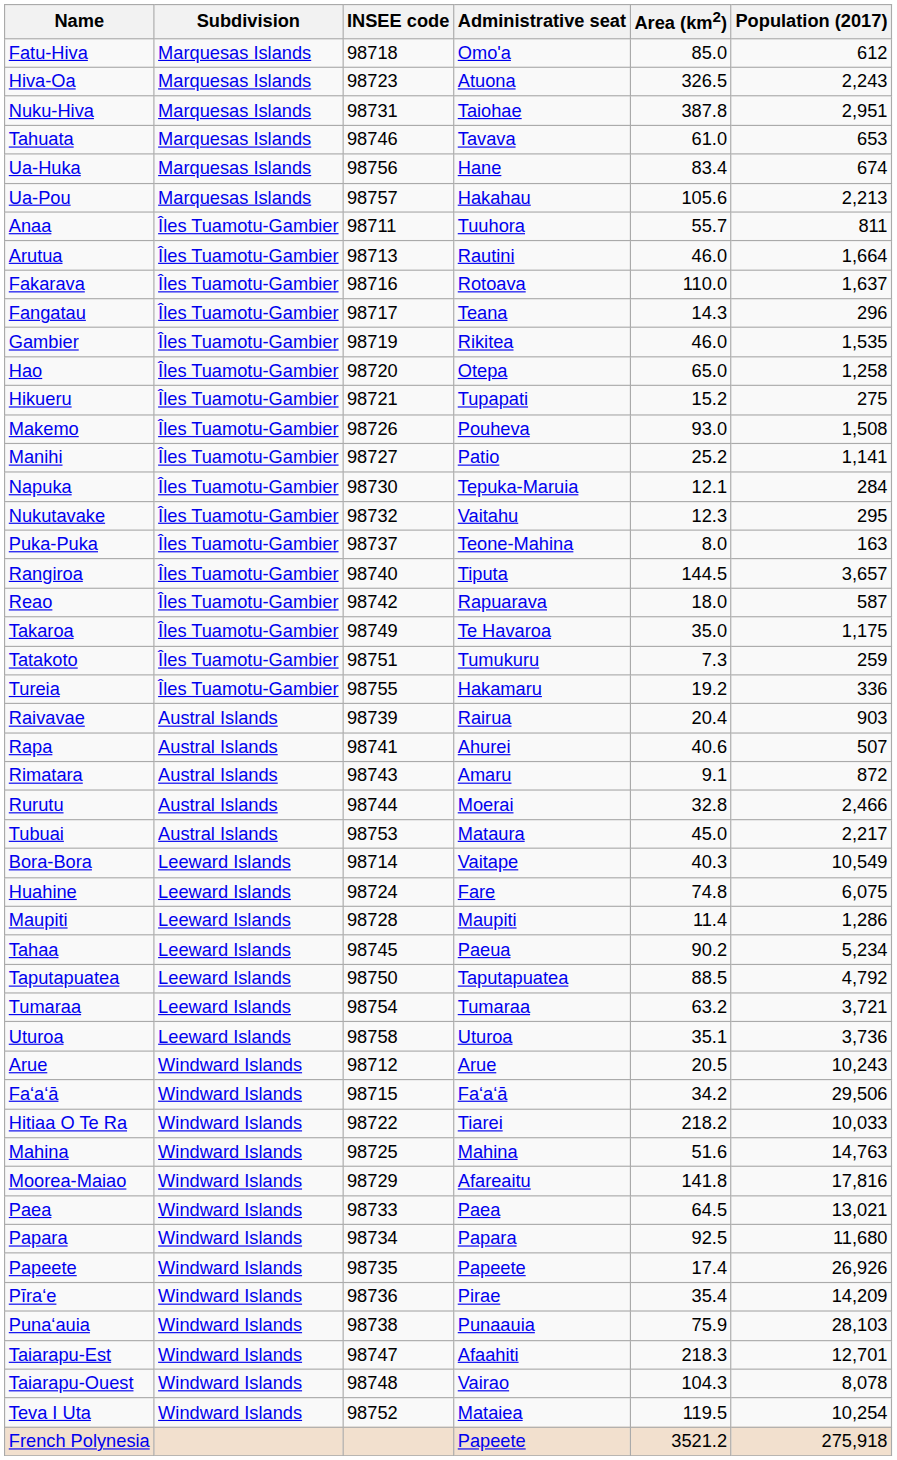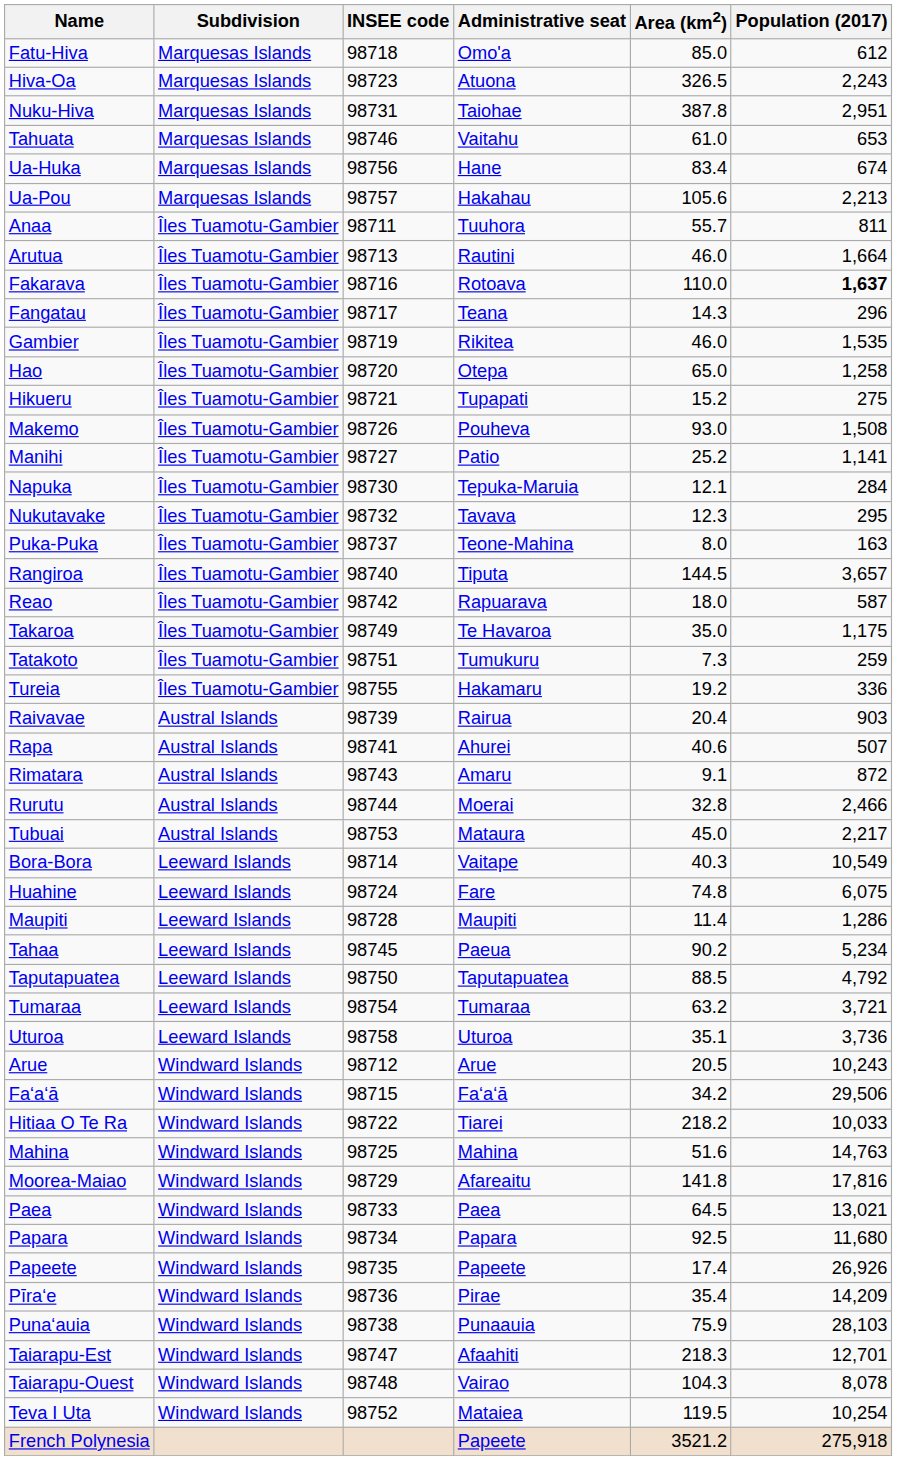 <table class="wikitable sortable">
 <tr>
 <th>Name</th>
 <th>Subdivision</th>
 <th>INSEE code</th>
 <th>Administrative seat</th>
 <th>Area (km<sup>2</sup>)</th>
 <th>Population (2017)</th>
 </tr>
 <tr>
 <td><a href='#'>Fatu-Hiva</a></td>
 <td><a href='#'>Marquesas Islands</a></td>
 <td>98718</td>
 <td><a href='#'>Omo'a</a></td>
 <td align="right">85.0</td>
 <td align="right">612</td>
 </tr>
 <tr>
 <td><a href='#'>Hiva-Oa</a></td>
 <td><a href='#'>Marquesas Islands</a></td>
 <td>98723</td>
 <td><a href='#'>Atuona</a></td>
 <td align="right">326.5</td>
 <td align="right">2,243</td>
 </tr>
 <tr>
 <td><a href='#'>Nuku-Hiva</a></td>
 <td><a href='#'>Marquesas Islands</a></td>
 <td>98731</td>
 <td><a href='#'>Taiohae</a></td>
 <td align="right">387.8</td>
 <td align="right">2,951</td>
 </tr>
 <tr>
 <td><a href='#'>Tahuata</a></td>
 <td><a href='#'>Marquesas Islands</a></td>
 <td>98746</td>
-<td><a href='#'>Tavava</a></td>
+<td><a href='#'>Vaitahu</a></td>
 <td align="right">61.0</td>
 <td align="right">653</td>
 </tr>
 <tr>
 <td><a href='#'>Ua-Huka</a></td>
 <td><a href='#'>Marquesas Islands</a></td>
 <td>98756</td>
 <td><a href='#'>Hane</a></td>
 <td align="right">83.4</td>
 <td align="right">674</td>
 </tr>
 <tr>
 <td><a href='#'>Ua-Pou</a></td>
 <td><a href='#'>Marquesas Islands</a></td>
 <td>98757</td>
 <td><a href='#'>Hakahau</a></td>
 <td align="right">105.6</td>
 <td align="right">2,213</td>
 </tr>
 <tr>
 <td><a href='#'>Anaa</a></td>
 <td><a href='#'>Îles Tuamotu-Gambier</a></td>
 <td>98711</td>
 <td><a href='#'>Tuuhora</a></td>
 <td align="right">55.7</td>
 <td align="right">811</td>
 </tr>
 <tr>
 <td><a href='#'>Arutua</a></td>
 <td><a href='#'>Îles Tuamotu-Gambier</a></td>
 <td>98713</td>
 <td><a href='#'>Rautini</a></td>
 <td align="right">46.0</td>
 <td align="right">1,664</td>
 </tr>
 <tr>
 <td><a href='#'>Fakarava</a></td>
 <td><a href='#'>Îles Tuamotu-Gambier</a></td>
 <td>98716</td>
 <td><a href='#'>Rotoava</a></td>
 <td align="right">110.0</td>
-<td align="right">1,637</td>
+<td align="right"><strong>1,637</strong></td>
 </tr>
 <tr>
 <td><a href='#'>Fangatau</a></td>
 <td><a href='#'>Îles Tuamotu-Gambier</a></td>
 <td>98717</td>
 <td><a href='#'>Teana</a></td>
 <td align="right">14.3</td>
 <td align="right">296</td>
 </tr>
 <tr>
 <td><a href='#'>Gambier</a></td>
 <td><a href='#'>Îles Tuamotu-Gambier</a></td>
 <td>98719</td>
 <td><a href='#'>Rikitea</a></td>
 <td align="right">46.0</td>
 <td align="right">1,535</td>
 </tr>
 <tr>
 <td><a href='#'>Hao</a></td>
 <td><a href='#'>Îles Tuamotu-Gambier</a></td>
 <td>98720</td>
 <td><a href='#'>Otepa</a></td>
 <td align="right">65.0</td>
 <td align="right">1,258</td>
 </tr>
 <tr>
 <td><a href='#'>Hikueru</a></td>
 <td><a href='#'>Îles Tuamotu-Gambier</a></td>
 <td>98721</td>
 <td><a href='#'>Tupapati</a></td>
 <td align="right">15.2</td>
 <td align="right">275</td>
 </tr>
 <tr>
 <td><a href='#'>Makemo</a></td>
 <td><a href='#'>Îles Tuamotu-Gambier</a></td>
 <td>98726</td>
 <td><a href='#'>Pouheva</a></td>
 <td align="right">93.0</td>
 <td align="right">1,508</td>
 </tr>
 <tr>
 <td><a href='#'>Manihi</a></td>
 <td><a href='#'>Îles Tuamotu-Gambier</a></td>
 <td>98727</td>
 <td><a href='#'>Patio</a></td>
 <td align="right">25.2</td>
 <td align="right">1,141</td>
 </tr>
 <tr>
 <td><a href='#'>Napuka</a></td>
 <td><a href='#'>Îles Tuamotu-Gambier</a></td>
 <td>98730</td>
 <td><a href='#'>Tepuka-Maruia</a></td>
 <td align="right">12.1</td>
 <td align="right">284</td>
 </tr>
 <tr>
 <td><a href='#'>Nukutavake</a></td>
 <td><a href='#'>Îles Tuamotu-Gambier</a></td>
 <td>98732</td>
-<td><a href='#'>Vaitahu</a></td>
+<td><a href='#'>Tavava</a></td>
 <td align="right">12.3</td>
 <td align="right">295</td>
 </tr>
 <tr>
 <td><a href='#'>Puka-Puka</a></td>
 <td><a href='#'>Îles Tuamotu-Gambier</a></td>
 <td>98737</td>
 <td><a href='#'>Teone-Mahina</a></td>
 <td align="right">8.0</td>
 <td align="right">163</td>
 </tr>
 <tr>
 <td><a href='#'>Rangiroa</a></td>
 <td><a href='#'>Îles Tuamotu-Gambier</a></td>
 <td>98740</td>
 <td><a href='#'>Tiputa</a></td>
 <td align="right">144.5</td>
 <td align="right">3,657</td>
 </tr>
 <tr>
 <td><a href='#'>Reao</a></td>
 <td><a href='#'>Îles Tuamotu-Gambier</a></td>
 <td>98742</td>
 <td><a href='#'>Rapuarava</a></td>
 <td align="right">18.0</td>
 <td align="right">587</td>
 </tr>
 <tr>
 <td><a href='#'>Takaroa</a></td>
 <td><a href='#'>Îles Tuamotu-Gambier</a></td>
 <td>98749</td>
 <td><a href='#'>Te Havaroa</a></td>
 <td align="right">35.0</td>
 <td align="right">1,175</td>
 </tr>
 <tr>
 <td><a href='#'>Tatakoto</a></td>
 <td><a href='#'>Îles Tuamotu-Gambier</a></td>
 <td>98751</td>
 <td><a href='#'>Tumukuru</a></td>
 <td align="right">7.3</td>
 <td align="right">259</td>
 </tr>
 <tr>
 <td><a href='#'>Tureia</a></td>
 <td><a href='#'>Îles Tuamotu-Gambier</a></td>
 <td>98755</td>
 <td><a href='#'>Hakamaru</a></td>
 <td align="right">19.2</td>
 <td align="right">336</td>
 </tr>
 <tr>
 <td><a href='#'>Raivavae</a></td>
 <td><a href='#'>Austral Islands</a></td>
 <td>98739</td>
 <td><a href='#'>Rairua</a></td>
 <td align="right">20.4</td>
 <td align="right">903</td>
 </tr>
 <tr>
 <td><a href='#'>Rapa</a></td>
 <td><a href='#'>Austral Islands</a></td>
 <td>98741</td>
 <td><a href='#'>Ahurei</a></td>
 <td align="right">40.6</td>
 <td align="right">507</td>
 </tr>
 <tr>
 <td><a href='#'>Rimatara</a></td>
 <td><a href='#'>Austral Islands</a></td>
 <td>98743</td>
 <td><a href='#'>Amaru</a></td>
 <td align="right">9.1</td>
 <td align="right">872</td>
 </tr>
 <tr>
 <td><a href='#'>Rurutu</a></td>
 <td><a href='#'>Austral Islands</a></td>
 <td>98744</td>
 <td><a href='#'>Moerai</a></td>
 <td align="right">32.8</td>
 <td align="right">2,466</td>
 </tr>
 <tr>
 <td><a href='#'>Tubuai</a></td>
 <td><a href='#'>Austral Islands</a></td>
 <td>98753</td>
 <td><a href='#'>Mataura</a></td>
 <td align="right">45.0</td>
 <td align="right">2,217</td>
 </tr>
 <tr>
 <td><a href='#'>Bora-Bora</a></td>
 <td><a href='#'>Leeward Islands</a></td>
 <td>98714</td>
 <td><a href='#'>Vaitape</a></td>
 <td align="right">40.3</td>
 <td align="right">10,549</td>
 </tr>
 <tr>
 <td><a href='#'>Huahine</a></td>
 <td><a href='#'>Leeward Islands</a></td>
 <td>98724</td>
 <td><a href='#'>Fare</a></td>
 <td align="right">74.8</td>
 <td align="right">6,075</td>
 </tr>
 <tr>
 <td><a href='#'>Maupiti</a></td>
 <td><a href='#'>Leeward Islands</a></td>
 <td>98728</td>
 <td><a href='#'>Maupiti</a></td>
 <td align="right">11.4</td>
 <td align="right">1,286</td>
 </tr>
 <tr>
 <td><a href='#'>Tahaa</a></td>
 <td><a href='#'>Leeward Islands</a></td>
 <td>98745</td>
 <td><a href='#'>Paeua</a></td>
 <td align="right">90.2</td>
 <td align="right">5,234</td>
 </tr>
 <tr>
 <td><a href='#'>Taputapuatea</a></td>
 <td><a href='#'>Leeward Islands</a></td>
 <td>98750</td>
 <td><a href='#'>Taputapuatea</a></td>
 <td align="right">88.5</td>
 <td align="right">4,792</td>
 </tr>
 <tr>
 <td><a href='#'>Tumaraa</a></td>
 <td><a href='#'>Leeward Islands</a></td>
 <td>98754</td>
 <td><a href='#'>Tumaraa</a></td>
 <td align="right">63.2</td>
 <td align="right">3,721</td>
 </tr>
 <tr>
 <td><a href='#'>Uturoa</a></td>
 <td><a href='#'>Leeward Islands</a></td>
 <td>98758</td>
 <td><a href='#'>Uturoa</a></td>
 <td align="right">35.1</td>
 <td align="right">3,736</td>
 </tr>
 <tr>
 <td><a href='#'>Arue</a></td>
 <td><a href='#'>Windward Islands</a></td>
 <td>98712</td>
 <td><a href='#'>Arue</a></td>
 <td align="right">20.5</td>
 <td align="right">10,243</td>
 </tr>
 <tr>
 <td><a href='#'>Faʻaʻā</a></td>
 <td><a href='#'>Windward Islands</a></td>
 <td>98715</td>
 <td><a href='#'>Faʻaʻā</a></td>
 <td align="right">34.2</td>
 <td align="right">29,506</td>
 </tr>
 <tr>
 <td><a href='#'>Hitiaa O Te Ra</a></td>
 <td><a href='#'>Windward Islands</a></td>
 <td>98722</td>
 <td><a href='#'>Tiarei</a></td>
 <td align="right">218.2</td>
 <td align="right">10,033</td>
 </tr>
 <tr>
 <td><a href='#'>Mahina</a></td>
 <td><a href='#'>Windward Islands</a></td>
 <td>98725</td>
 <td><a href='#'>Mahina</a></td>
 <td align="right">51.6</td>
 <td align="right">14,763</td>
 </tr>
 <tr>
 <td><a href='#'>Moorea-Maiao</a></td>
 <td><a href='#'>Windward Islands</a></td>
 <td>98729</td>
 <td><a href='#'>Afareaitu</a></td>
 <td align="right">141.8</td>
 <td align="right">17,816</td>
 </tr>
 <tr>
 <td><a href='#'>Paea</a></td>
 <td><a href='#'>Windward Islands</a></td>
 <td>98733</td>
 <td><a href='#'>Paea</a></td>
 <td align="right">64.5</td>
 <td align="right">13,021</td>
 </tr>
 <tr>
 <td><a href='#'>Papara</a></td>
 <td><a href='#'>Windward Islands</a></td>
 <td>98734</td>
 <td><a href='#'>Papara</a></td>
 <td align="right">92.5</td>
 <td align="right">11,680</td>
 </tr>
 <tr>
 <td><a href='#'>Papeete</a></td>
 <td><a href='#'>Windward Islands</a></td>
 <td>98735</td>
 <td><a href='#'>Papeete</a></td>
 <td align="right">17.4</td>
 <td align="right">26,926</td>
 </tr>
 <tr>
 <td><a href='#'>Pīraʻe</a></td>
 <td><a href='#'>Windward Islands</a></td>
 <td>98736</td>
 <td><a href='#'>Pirae</a></td>
 <td align="right">35.4</td>
 <td align="right">14,209</td>
 </tr>
 <tr>
 <td><a href='#'>Punaʻauia</a></td>
 <td><a href='#'>Windward Islands</a></td>
 <td>98738</td>
 <td><a href='#'>Punaauia</a></td>
 <td align="right">75.9</td>
 <td align="right">28,103</td>
 </tr>
 <tr>
 <td><a href='#'>Taiarapu-Est</a></td>
 <td><a href='#'>Windward Islands</a></td>
 <td>98747</td>
 <td><a href='#'>Afaahiti</a></td>
 <td align="right">218.3</td>
 <td align="right">12,701</td>
 </tr>
 <tr>
 <td><a href='#'>Taiarapu-Ouest</a></td>
 <td><a href='#'>Windward Islands</a></td>
 <td>98748</td>
 <td><a href='#'>Vairao</a></td>
 <td align="right">104.3</td>
 <td align="right">8,078</td>
 </tr>
 <tr>
 <td><a href='#'>Teva I Uta</a></td>
 <td><a href='#'>Windward Islands</a></td>
 <td>98752</td>
 <td><a href='#'>Mataiea</a></td>
 <td align="right">119.5</td>
 <td align="right">10,254</td>
 </tr>
 <tr style="background:#F2E0CE;" | class="sortbottom">
 <td><a href='#'>French Polynesia</a></td>
 <td></td>
 <td></td>
 <td><a href='#'>Papeete</a></td>
 <td align="right">3521.2</td>
 <td align="right">275,918</td>
 </tr>
 </table>
